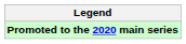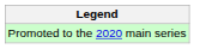 <table class="wikitable">
 <tr>
 <th>Legend</th>
 </tr>
 <tr bgcolor=ccffcc>
-<td><strong>Promoted to the <a href='#'>2020</a> main series</strong></td>
+<td>Promoted to the <a href='#'>2020</a> main series</td>
 </tr>
 </table>
